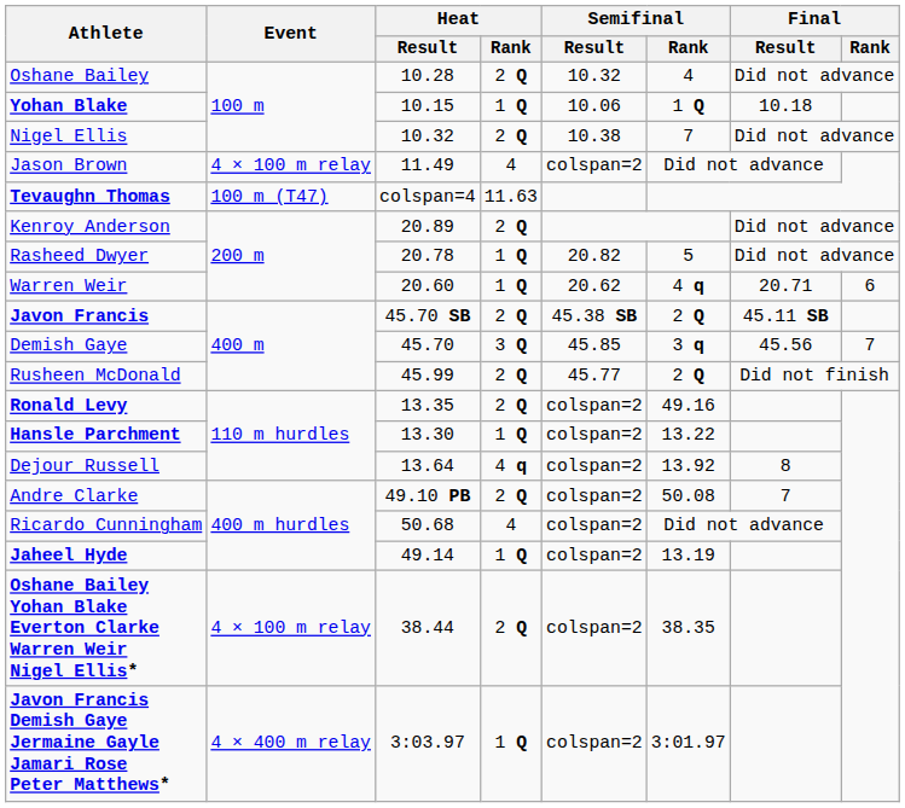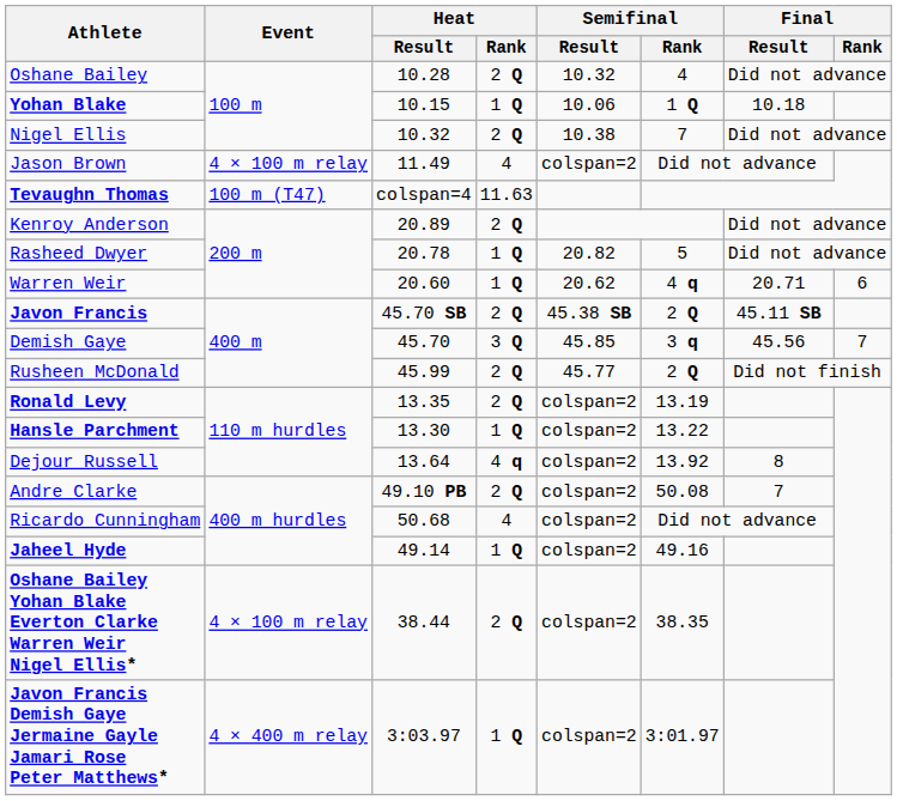 <table class="wikitable" style="font-size:90%">
 <tr>
 <th rowspan=2>Athlete</th>
 <th rowspan=2>Event</th>
 <th colspan=2>Heat</th>
 <th colspan=2>Semifinal</th>
 <th colspan=2>Final</th>
 </tr>
 <tr style="font-size:95%">
 <th>Result</th>
 <th>Rank</th>
 <th>Result</th>
 <th>Rank</th>
 <th>Result</th>
 <th>Rank</th>
 </tr>
 <tr align=center>
 <td align=left><a href='#'>Oshane Bailey</a></td>
 <td align=left rowspan=3><a href='#'>100 m</a></td>
 <td>10.28</td>
 <td>2 <strong>Q</strong></td>
 <td>10.32</td>
 <td>4</td>
 <td colspan=2>Did not advance</td>
 </tr>
 <tr align=center>
 <td align=left><strong><a href='#'>Yohan Blake</a></strong></td>
 <td>10.15</td>
 <td>1 <strong>Q</strong></td>
 <td>10.06</td>
 <td>1 <strong>Q</strong></td>
 <td>10.18</td>
 <td></td>
 </tr>
 <tr align=center>
 <td align=left><a href='#'>Nigel Ellis</a></td>
 <td>10.32</td>
 <td>2 <strong>Q</strong></td>
 <td>10.38</td>
 <td>7</td>
 <td colspan=2>Did not advance</td>
 </tr>
 <tr align=center>
 <td align=left><a href='#'>Jason Brown</a></td>
 <td align=left><a href='#'>4 × 100 m relay</a></td>
 <td>11.49</td>
 <td>4</td>
 <td>colspan=2 </td>
 <td colspan=2>Did not advance</td>
 </tr>
 <tr align=center>
 <td align=left><strong><a href='#'>Tevaughn Thomas</a></strong></td>
 <td align=left><a href='#'>100 m (T47)</a></td>
 <td>colspan=4 </td>
 <td>11.63</td>
 <td></td>
 </tr>
 <tr align=center>
 <td align=left><a href='#'>Kenroy Anderson</a></td>
 <td align=left rowspan=3><a href='#'>200 m</a></td>
 <td>20.89</td>
 <td>2 <strong>Q</strong></td>
 <td colspan=2></td>
 <td colspan=2>Did not advance</td>
 </tr>
 <tr align=center>
 <td align=left><a href='#'>Rasheed Dwyer</a></td>
 <td>20.78</td>
 <td>1 <strong>Q</strong></td>
 <td>20.82</td>
 <td>5</td>
 <td colspan=2>Did not advance</td>
 </tr>
 <tr align=center>
 <td align=left><a href='#'>Warren Weir</a></td>
 <td>20.60</td>
 <td>1 <strong>Q</strong></td>
 <td>20.62</td>
 <td>4 <strong>q</strong></td>
 <td>20.71</td>
 <td>6</td>
 </tr>
 <tr align=center>
 <td align=left><strong><a href='#'>Javon Francis</a></strong></td>
 <td align=left rowspan=3><a href='#'>400 m</a></td>
 <td>45.70 <strong>SB</strong></td>
 <td>2 <strong>Q</strong></td>
 <td>45.38 <strong>SB</strong></td>
 <td>2 <strong>Q</strong></td>
 <td>45.11 <strong>SB</strong></td>
 <td></td>
 </tr>
 <tr align=center>
 <td align=left><a href='#'>Demish Gaye</a></td>
 <td>45.70</td>
 <td>3 <strong>Q</strong></td>
 <td>45.85</td>
 <td>3 <strong>q</strong></td>
 <td>45.56</td>
 <td>7</td>
 </tr>
 <tr align=center>
 <td align=left><a href='#'>Rusheen McDonald</a></td>
 <td>45.99</td>
 <td>2 <strong>Q</strong></td>
 <td>45.77</td>
 <td>2 <strong>Q</strong></td>
 <td colspan=2>Did not finish</td>
 </tr>
 <tr align=center>
 <td align=left><strong><a href='#'>Ronald Levy</a></strong></td>
 <td align=left rowspan=3><a href='#'>110 m hurdles</a></td>
 <td>13.35</td>
 <td>2 <strong>Q</strong></td>
 <td>colspan=2 </td>
-<td>49.16</td>
+<td>13.19</td>
 <td></td>
 </tr>
 <tr align=center>
 <td align=left><strong><a href='#'>Hansle Parchment</a></strong></td>
 <td>13.30</td>
 <td>1 <strong>Q</strong></td>
 <td>colspan=2 </td>
 <td>13.22</td>
 <td></td>
 </tr>
 <tr align=center>
 <td align=left><a href='#'>Dejour Russell</a></td>
 <td>13.64</td>
 <td>4 <strong>q</strong></td>
 <td>colspan=2 </td>
 <td>13.92</td>
 <td>8</td>
 </tr>
 <tr align=center>
 <td align=left><a href='#'>Andre Clarke</a></td>
 <td align=left rowspan=3><a href='#'>400 m hurdles</a></td>
 <td>49.10 <strong>PB</strong></td>
 <td>2 <strong>Q</strong></td>
 <td>colspan=2 </td>
 <td>50.08</td>
 <td>7</td>
 </tr>
 <tr align=center>
 <td align=left><a href='#'>Ricardo Cunningham</a></td>
 <td>50.68</td>
 <td>4</td>
 <td>colspan=2 </td>
 <td colspan=2>Did not advance</td>
 </tr>
 <tr align=center>
 <td align=left><strong><a href='#'>Jaheel Hyde</a></strong></td>
 <td>49.14</td>
 <td>1 <strong>Q</strong></td>
 <td>colspan=2 </td>
-<td>13.19</td>
+<td>49.16</td>
 <td></td>
 </tr>
 <tr align=center>
 <td align=left><strong><a href='#'>Oshane Bailey</a><br><a href='#'>Yohan Blake</a><br><a href='#'>Everton Clarke</a><br><a href='#'>Warren Weir</a><br><a href='#'>Nigel Ellis</a>*</strong></td>
 <td align=left><a href='#'>4 × 100 m relay</a></td>
 <td>38.44</td>
 <td>2 <strong>Q</strong></td>
 <td>colspan=2 </td>
 <td>38.35</td>
 <td></td>
 </tr>
 <tr align=center>
 <td align=left><strong><a href='#'>Javon Francis</a><br><a href='#'>Demish Gaye</a><br><a href='#'>Jermaine Gayle</a><br><a href='#'>Jamari Rose</a><br><a href='#'>Peter Matthews</a>*</strong></td>
 <td align=left><a href='#'>4 × 400 m relay</a></td>
 <td>3:03.97</td>
 <td>1 <strong>Q</strong></td>
 <td>colspan=2 </td>
 <td>3:01.97</td>
 <td></td>
 </tr>
 </table>
